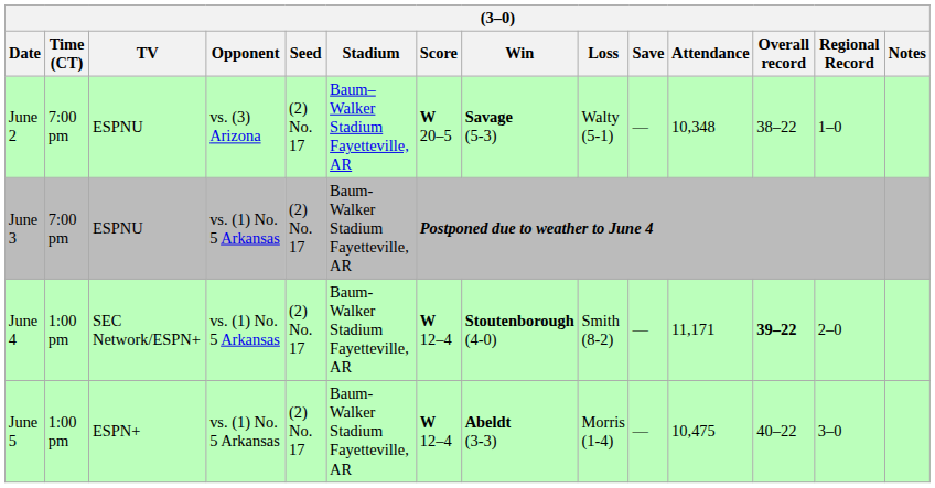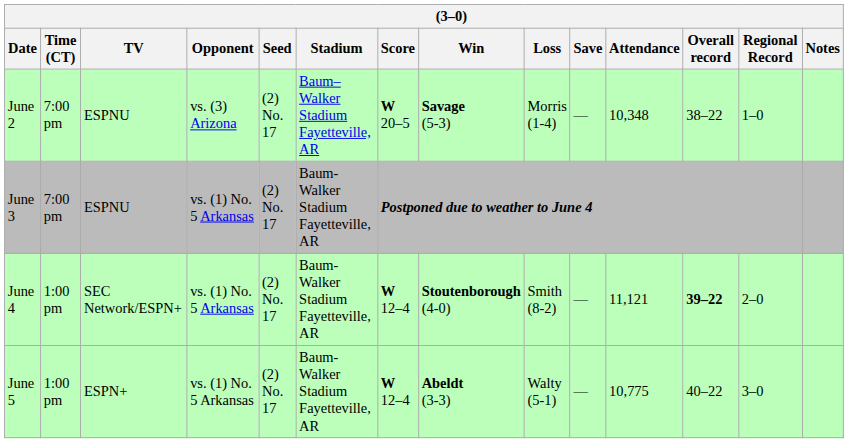 <table class="wikitable collapsible" style="margin:auto; font-size:95%; width:100%">
 <tr>
 <th colspan=15 style="padding-left:4em;"> (3–0)</th>
 </tr>
 <tr>
 <th>Date</th>
 <th>Time (CT)</th>
 <th>TV</th>
 <th>Opponent</th>
 <th>Seed</th>
 <th>Stadium</th>
 <th>Score</th>
 <th>Win</th>
 <th>Loss</th>
 <th>Save</th>
 <th>Attendance</th>
 <th>Overall record</th>
 <th>Regional Record</th>
 <th>Notes</th>
 </tr>
 <tr bgcolor="#bbffbb">
 <td>June 2</td>
 <td>7:00 pm</td>
 <td>ESPNU</td>
 <td>vs. (3) <a href='#'>Arizona</a></td>
 <td>(2) No. 17</td>
 <td><a href='#'>Baum–Walker Stadium</a><br><a href='#'>Fayetteville, AR</a></td>
 <td><strong>W</strong><br>20–5</td>
 <td><strong>Savage</strong><br>(5-3)</td>
-<td>Walty<br>(5-1)</td>
+<td>Morris<br>(1-4)</td>
 <td>—</td>
 <td>10,348</td>
 <td>38–22</td>
 <td>1–0</td>
 <td><br></td>
 </tr>
 <tr bgcolor="bbbbbb">
 <td>June 3</td>
 <td>7:00 pm</td>
 <td>ESPNU</td>
 <td>vs. (1) No. 5 <a href='#'>Arkansas</a></td>
 <td>(2) No. 17</td>
 <td>Baum-Walker Stadium<br>Fayetteville, AR</td>
 <td colspan=7><strong><em>Postponed due to weather to June 4</em></strong></td>
 <td></td>
 </tr>
 <tr bgcolor="#bbffbb">
 <td>June 4</td>
 <td>1:00 pm</td>
 <td>SEC Network/ESPN+</td>
 <td>vs. (1) No. 5 <a href='#'>Arkansas</a></td>
 <td>(2) No. 17</td>
 <td>Baum-Walker Stadium<br>Fayetteville, AR</td>
 <td><strong>W</strong><br>12–4</td>
 <td><strong>Stoutenborough</strong><br>(4-0)</td>
 <td>Smith<br>(8-2)</td>
 <td>—</td>
-<td>11,171</td>
+<td>11,121</td>
 <td><strong>39–22</strong></td>
 <td>2–0</td>
 <td><br></td>
 </tr>
 <tr bgcolor="#bbffbb">
 <td>June 5</td>
 <td>1:00 pm</td>
 <td>ESPN+</td>
 <td>vs. (1) No. 5 Arkansas</td>
 <td>(2) No. 17</td>
 <td>Baum-Walker Stadium<br>Fayetteville, AR</td>
 <td><strong>W</strong><br>12–4</td>
 <td><strong>Abeldt</strong><br>(3-3)</td>
-<td>Morris<br>(1-4)</td>
+<td>Walty<br>(5-1)</td>
 <td>—</td>
-<td>10,475</td>
+<td>10,775</td>
 <td>40–22</td>
 <td>3–0</td>
 <td><br></td>
 </tr>
 </table>
